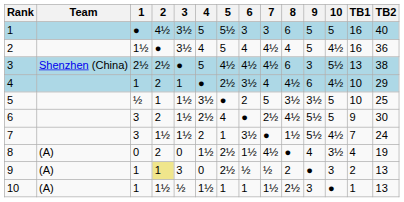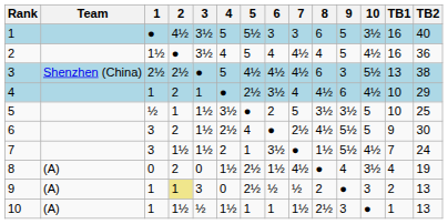 <table class="wikitable">
 <tr>
 <th>Rank</th>
 <th>Team</th>
 <th style="width:1.5em;">1</th>
 <th style="width:1.5em;">2</th>
 <th style="width:1.5em;">3</th>
 <th style="width:1.5em;">4</th>
 <th style="width:1.5em;">5</th>
 <th style="width:1.5em;">6</th>
 <th style="width:1.5em;">7</th>
 <th style="width:1.5em;">8</th>
 <th style="width:1.5em;">9</th>
 <th style="width:1.5em;">10</th>
 <th>TB1</th>
 <th>TB2</th>
 </tr>
 <tr style="background:lightblue">
 <td>1</td>
 <td></td>
 <td>●</td>
 <td>4½</td>
 <td>3½</td>
 <td>5</td>
 <td>5½</td>
 <td>3</td>
 <td>3</td>
 <td>6</td>
 <td>5</td>
-<td>5</td>
+<td>3½</td>
 <td>16</td>
 <td>40</td>
 </tr>
 <tr>
 <td>2</td>
 <td></td>
 <td>1½</td>
 <td>●</td>
 <td>3½</td>
 <td>4</td>
 <td>5</td>
 <td>4</td>
 <td>4½</td>
 <td>4</td>
 <td>5</td>
 <td>4½</td>
 <td>16</td>
 <td>36</td>
 </tr>
 <tr style="background:lightblue">
 <td>3</td>
 <td> <a href='#'>Shenzhen</a> (China)</td>
 <td>2½</td>
 <td>2½</td>
 <td>●</td>
 <td>5</td>
 <td>4½</td>
 <td>4½</td>
 <td>4½</td>
 <td>6</td>
 <td>3</td>
 <td>5½</td>
 <td>13</td>
 <td>38</td>
 </tr>
 <tr style="background:lightblue">
 <td>4</td>
 <td></td>
 <td>1</td>
 <td>2</td>
 <td>1</td>
 <td>●</td>
 <td>2½</td>
 <td>3½</td>
 <td>4</td>
 <td>4½</td>
 <td>6</td>
 <td>4½</td>
 <td>10</td>
 <td>29</td>
 </tr>
 <tr>
 <td>5</td>
 <td></td>
 <td>½</td>
 <td>1</td>
 <td>1½</td>
 <td>3½</td>
 <td>●</td>
 <td>2</td>
 <td>5</td>
 <td>3½</td>
 <td>3½</td>
 <td>5</td>
 <td>10</td>
 <td>25</td>
 </tr>
 <tr>
 <td>6</td>
 <td></td>
 <td>3</td>
 <td>2</td>
 <td>1½</td>
 <td>2½</td>
 <td>4</td>
 <td>●</td>
 <td>2½</td>
 <td>4½</td>
 <td>5½</td>
 <td>5</td>
 <td>9</td>
 <td>30</td>
 </tr>
 <tr>
 <td>7</td>
 <td></td>
 <td>3</td>
 <td>1½</td>
 <td>1½</td>
 <td>2</td>
 <td>1</td>
 <td>3½</td>
 <td>●</td>
 <td>1½</td>
 <td>5½</td>
 <td>4½</td>
 <td>7</td>
 <td>24</td>
 </tr>
 <tr>
 <td>8</td>
 <td> (A)</td>
 <td>0</td>
 <td>2</td>
 <td>0</td>
 <td>1½</td>
 <td>2½</td>
 <td>1½</td>
 <td>4½</td>
 <td>●</td>
 <td>4</td>
 <td>3½</td>
 <td>4</td>
 <td>19</td>
 </tr>
 <tr>
 <td>9</td>
 <td> (A)</td>
 <td>1</td>
 <td style="background: khaki;">1</td>
 <td>3</td>
 <td>0</td>
 <td>2½</td>
 <td>½</td>
 <td>½</td>
 <td>2</td>
 <td>●</td>
 <td>3</td>
 <td>2</td>
 <td>13</td>
 </tr>
 <tr>
 <td>10</td>
 <td> (A)</td>
 <td>1</td>
 <td>1½</td>
 <td>½</td>
 <td>1½</td>
 <td>1</td>
 <td>1</td>
 <td>1½</td>
 <td>2½</td>
 <td>3</td>
 <td>●</td>
 <td>1</td>
 <td>13</td>
 </tr>
 </table>
